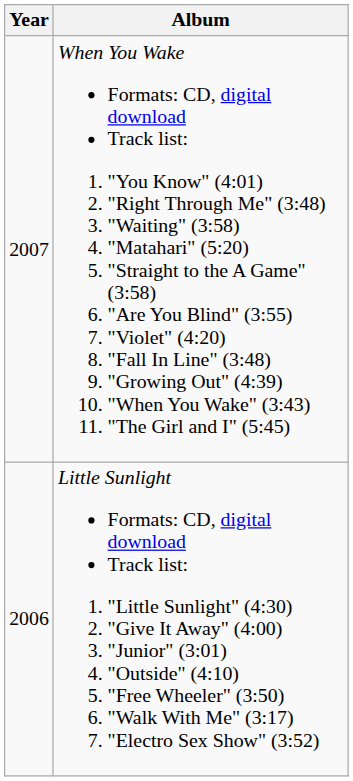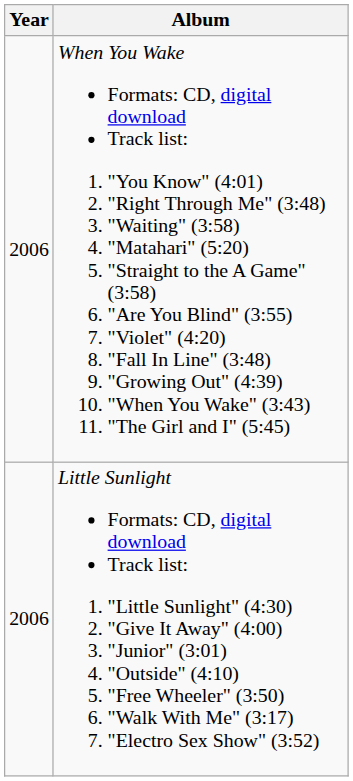 <table class="wikitable" style="text-align:center;">
 <tr>
 <th>Year</th>
 <th style="width:230px;">Album</th>
 </tr>
 <tr>
-<td>2007</td>
+<td>2006</td>
 <td align="left"><em>When You Wake</em><br><ul><li>Formats: CD, <a href='#'>digital download</a></li><li>Track list:</li></ul><ol><li>"You Know" (4:01)</li><li>"Right Through Me" (3:48)</li><li>"Waiting" (3:58)</li><li>"Matahari" (5:20)</li><li>"Straight to the A Game" (3:58)</li><li>"Are You Blind" (3:55)</li><li>"Violet" (4:20)</li><li>"Fall In Line" (3:48)</li><li>"Growing Out" (4:39)</li><li>"When You Wake" (3:43)</li><li>"The Girl and I" (5:45)</li></ol></td>
 </tr>
 <tr>
 <td>2006</td>
 <td align="left"><em>Little Sunlight</em><br><ul><li>Formats: CD, <a href='#'>digital download</a></li><li>Track list:</li></ul><ol><li>"Little Sunlight" (4:30)</li><li>"Give It Away" (4:00)</li><li>"Junior" (3:01)</li><li>"Outside" (4:10)</li><li>"Free Wheeler" (3:50)</li><li>"Walk With Me" (3:17)</li><li>"Electro Sex Show" (3:52)</li></ol></td>
 </tr>
 </table>
